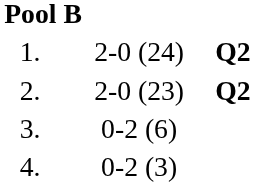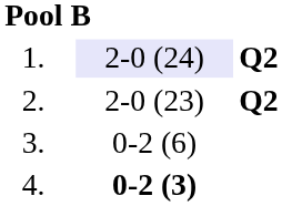 <table style="text-align:center">
 <tr>
 <td colspan=4 align=left><strong>Pool B</strong></td>
 </tr>
 <tr>
 <td width=30>1.</td>
 <td align=left></td>
-<td width=80>2-0 (24)</td>
+<td width=80 style="background: lavender;">2-0 (24)</td>
 <td><strong>Q2</strong></td>
 </tr>
 <tr>
 <td>2.</td>
 <td align=left></td>
 <td>2-0 (23)</td>
 <td><strong>Q2</strong></td>
 </tr>
 <tr>
 <td>3.</td>
 <td align=left></td>
 <td>0-2 (6)</td>
 <td></td>
 </tr>
 <tr>
 <td>4.</td>
 <td align=left></td>
-<td>0-2 (3)</td>
+<td><strong>0-2 (3)</strong></td>
 <td></td>
 </tr>
 </table>
